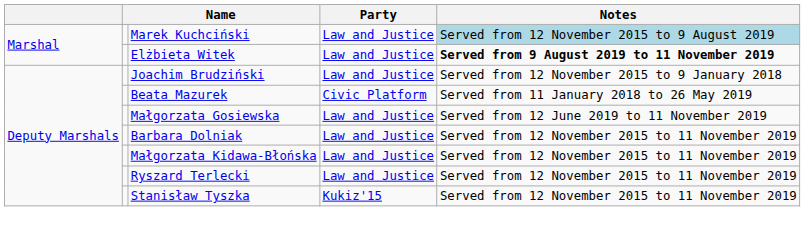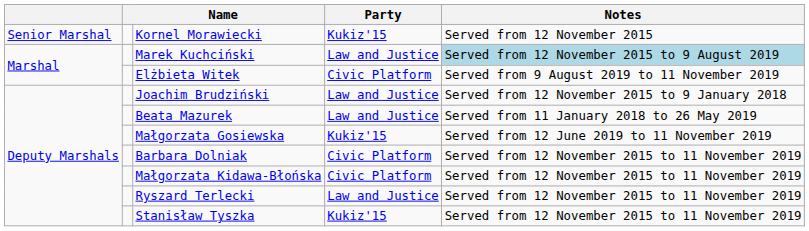 <table class="wikitable">
 <tr>
 <th class="sortable"></th>
 <th colspan=2>Name</th>
 <th>Party</th>
 <th>Notes</th>
+</tr>
+<tr>
+<td><a href='#'>Senior Marshal</a></td>
+<td width=5px style="background-color: "></td>
+<td><a href='#'>Kornel Morawiecki</a></td>
+<td><a href='#'>Kukiz'15</a></td>
+<td>Served from 12 November 2015</td>
 </tr>
 <tr>
 <td rowspan="2"><a href='#'>Marshal</a></td>
 <td style="background-color: "></td>
 <td><a href='#'>Marek Kuchciński</a></td>
 <td><a href='#'>Law and Justice</a></td>
 <td style="background: lightblue;">Served from 12 November 2015 to 9 August 2019</td>
 </tr>
 <tr>
 <td style="background-color: "></td>
 <td><a href='#'>Elżbieta Witek</a></td>
-<td><a href='#'>Law and Justice</a></td>
-<td><strong>Served from 9 August 2019 to 11 November 2019</strong></td>
+<td><a href='#'>Civic Platform</a></td>
+<td>Served from 9 August 2019 to 11 November 2019</td>
 </tr>
 <tr>
 <td rowspan="7"><a href='#'>Deputy Marshals</a></td>
 <td style="background-color: "></td>
 <td><a href='#'>Joachim Brudziński</a></td>
 <td><a href='#'>Law and Justice</a></td>
 <td>Served from 12 November 2015 to 9 January 2018</td>
 </tr>
 <tr>
 <td style="background-color: "></td>
 <td><a href='#'>Beata Mazurek</a></td>
-<td><a href='#'>Civic Platform</a></td>
+<td><a href='#'>Law and Justice</a></td>
 <td>Served from 11 January 2018 to 26 May 2019</td>
 </tr>
 <tr>
 <td style="background-color: "></td>
 <td><a href='#'>Małgorzata Gosiewska</a></td>
-<td><a href='#'>Law and Justice</a></td>
+<td><a href='#'>Kukiz'15</a></td>
 <td>Served from 12 June 2019 to 11 November 2019</td>
 </tr>
 <tr>
 <td style="background-color: "></td>
 <td><a href='#'>Barbara Dolniak</a></td>
-<td><a href='#'>Law and Justice</a></td>
+<td><a href='#'>Civic Platform</a></td>
 <td>Served from 12 November 2015 to 11 November 2019</td>
 </tr>
 <tr>
 <td style="background-color: "></td>
 <td><a href='#'>Małgorzata Kidawa-Błońska</a></td>
-<td><a href='#'>Law and Justice</a></td>
+<td><a href='#'>Civic Platform</a></td>
 <td>Served from 12 November 2015 to 11 November 2019</td>
 </tr>
 <tr>
 <td style="background-color: "></td>
 <td><a href='#'>Ryszard Terlecki</a></td>
 <td><a href='#'>Law and Justice</a></td>
 <td>Served from 12 November 2015 to 11 November 2019</td>
 </tr>
 <tr>
 <td style="background-color: "></td>
 <td><a href='#'>Stanisław Tyszka</a></td>
 <td><a href='#'>Kukiz'15</a></td>
 <td>Served from 12 November 2015 to 11 November 2019</td>
 </tr>
 </table>
